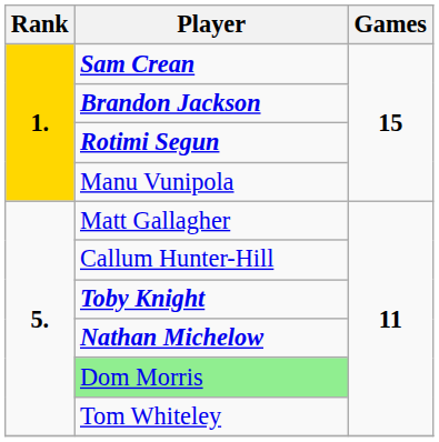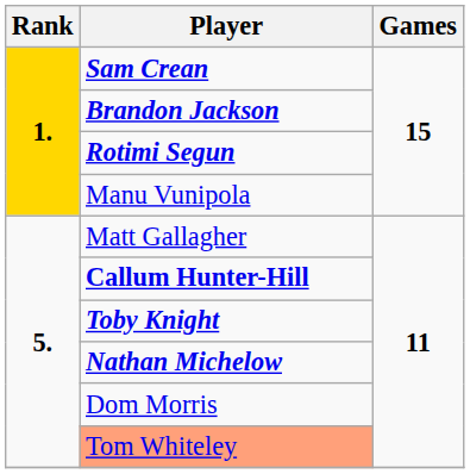 <table class="wikitable sticky-header">
 <tr>
 <th width=35>Rank</th>
 <th width=170>Player</th>
 <th width=40>Games</th>
 </tr>
 <tr>
 <td rowspan=4 align=center bgcolor=Gold><strong>1.</strong></td>
 <td> <strong><em><a href='#'>Sam Crean</a></em></strong></td>
 <td rowspan=4 align=center><strong>15</strong></td>
 </tr>
 <tr>
 <td> <strong><em><a href='#'>Brandon Jackson</a></em></strong></td>
 </tr>
 <tr>
 <td> <strong><em><a href='#'>Rotimi Segun</a></em></strong></td>
 </tr>
 <tr>
 <td> <a href='#'>Manu Vunipola</a></td>
 </tr>
 <tr>
 <td rowspan=6 align=center><strong>5.</strong></td>
 <td> <a href='#'>Matt Gallagher</a></td>
 <td rowspan=6 align=center><strong>11</strong></td>
 </tr>
 <tr>
-<td> <a href='#'>Callum Hunter-Hill</a></td>
+<td><strong> <a href='#'>Callum Hunter-Hill</a></strong></td>
 </tr>
 <tr>
 <td> <strong><em><a href='#'>Toby Knight</a></em></strong></td>
 </tr>
 <tr>
 <td> <strong><em><a href='#'>Nathan Michelow</a></em></strong></td>
 </tr>
 <tr>
-<td style="background: lightgreen;"> <a href='#'>Dom Morris</a></td>
+<td> <a href='#'>Dom Morris</a></td>
 </tr>
 <tr>
-<td> <a href='#'>Tom Whiteley</a></td>
+<td style="background: lightsalmon;"> <a href='#'>Tom Whiteley</a></td>
 </tr>
 <tr>
 </tr>
 </table>
